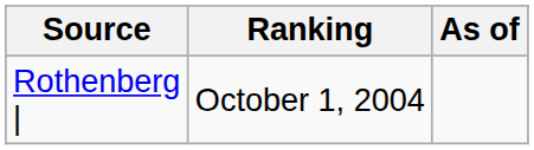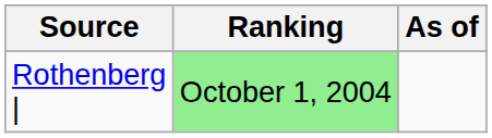 <table class="wikitable" style="text-align:center">
 <tr>
 <th>Source</th>
 <th>Ranking</th>
 <th>As of</th>
 </tr>
 <tr>
 <td align=left><a href='#'>Rothenberg</a><br>| </td>
-<td>October 1, 2004</td>
+<td style="background: lightgreen;">October 1, 2004</td>
 </tr>
 </table>
